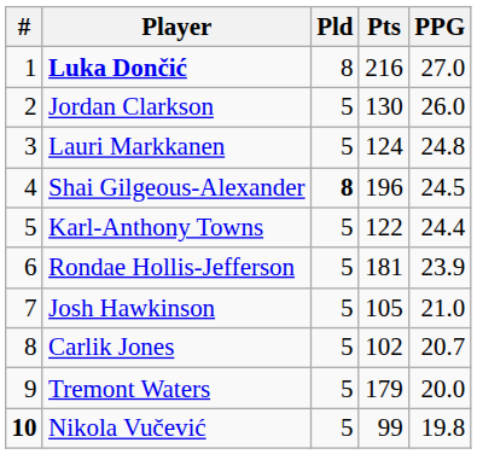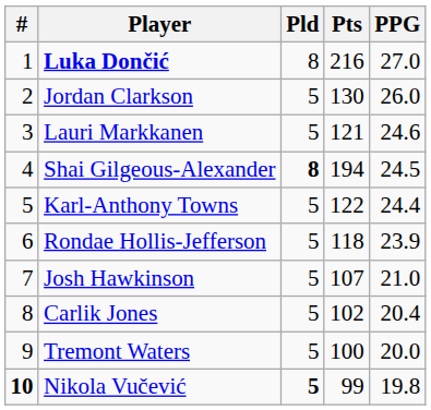 <table class=wikitable style="text-align:right; display:inline-table;">
 <tr>
 <th>#</th>
 <th>Player</th>
 <th>Pld</th>
 <th>Pts</th>
 <th>PPG</th>
 </tr>
 <tr>
 <td>1</td>
 <td align=left> <strong><a href='#'>Luka Dončić</a></strong></td>
 <td>8</td>
 <td>216</td>
 <td>27.0</td>
 </tr>
 <tr>
 <td>2</td>
 <td align=left> <a href='#'>Jordan Clarkson</a></td>
 <td>5</td>
 <td>130</td>
 <td>26.0</td>
 </tr>
 <tr>
 <td>3</td>
 <td align=left> <a href='#'>Lauri Markkanen</a></td>
 <td>5</td>
-<td>124</td>
-<td>24.8</td>
+<td>121</td>
+<td>24.6</td>
 </tr>
 <tr>
 <td>4</td>
 <td align=left> <a href='#'>Shai Gilgeous-Alexander</a></td>
 <td><strong>8</strong></td>
-<td>196</td>
+<td>194</td>
 <td>24.5</td>
 </tr>
 <tr>
 <td>5</td>
 <td align=left> <a href='#'>Karl-Anthony Towns</a></td>
 <td>5</td>
 <td>122</td>
 <td>24.4</td>
 </tr>
 <tr>
 <td>6</td>
 <td align=left> <a href='#'>Rondae Hollis-Jefferson</a></td>
 <td>5</td>
-<td>181</td>
+<td>118</td>
 <td>23.9</td>
 </tr>
 <tr>
 <td>7</td>
 <td align=left> <a href='#'>Josh Hawkinson</a></td>
 <td>5</td>
-<td>105</td>
+<td>107</td>
 <td>21.0</td>
 </tr>
 <tr>
 <td>8</td>
 <td align=left> <a href='#'>Carlik Jones</a></td>
 <td>5</td>
 <td>102</td>
-<td>20.7</td>
+<td>20.4</td>
 </tr>
 <tr>
 <td>9</td>
 <td align=left> <a href='#'>Tremont Waters</a></td>
 <td>5</td>
-<td>179</td>
+<td>100</td>
 <td>20.0</td>
 </tr>
 <tr>
 <td><strong>10</strong></td>
 <td align=left> <a href='#'>Nikola Vučević</a></td>
-<td>5</td>
+<td><strong>5</strong></td>
 <td>99</td>
 <td>19.8</td>
 </tr>
 </table>
